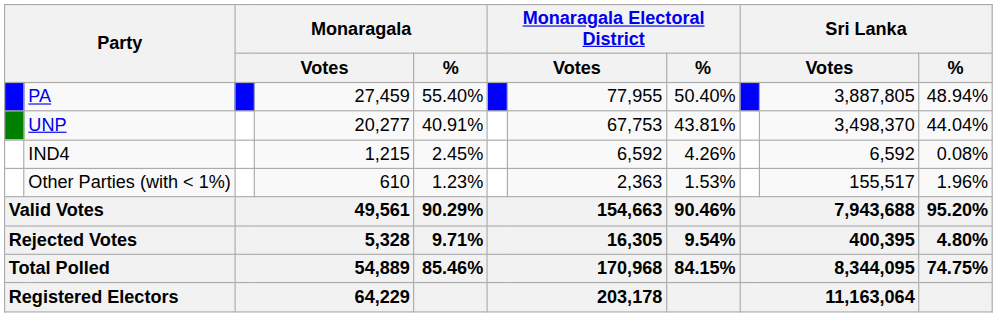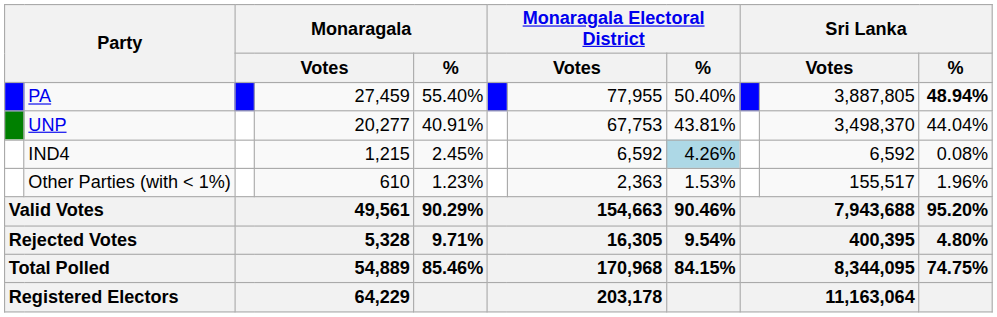 <table class="wikitable">
 <tr>
 <th colspan="2" width="144px"rowspan="2">Party</th>
 <th colspan="3" width="216px">Monaragala</th>
 <th colspan="3" width="216px"><a href='#'>Monaragala Electoral District</a></th>
 <th colspan="3" width="216px">Sri Lanka</th>
 </tr>
 <tr>
 <th colspan="2" width="144px">Votes</th>
 <th>%</th>
 <th colspan="2" width="144px">Votes</th>
 <th>%</th>
 <th colspan="2" width="144px">Votes</th>
 <th>%</th>
 </tr>
 <tr>
 <td style="background-color:blue;" width="10px"></td>
 <td style="text-align:left;"><a href='#'>PA</a></td>
 <td style="background-color:blue;" width="10px"></td>
 <td style="text-align:right;">27,459</td>
 <td style="text-align:right;">55.40%</td>
 <td style="background-color:blue;" width="10px"></td>
 <td style="text-align:right;">77,955</td>
 <td style="text-align:right;">50.40%</td>
 <td style="background-color:blue;" width="10px"></td>
 <td style="text-align:right;">3,887,805</td>
-<td style="text-align:right;">48.94%</td>
+<td style="text-align:right;"><strong>48.94%</strong></td>
 </tr>
 <tr>
 <td style="background-color:green;" width="10px"></td>
 <td style="text-align:left;"><a href='#'>UNP</a></td>
 <td style="background-color:white;" width="10px"></td>
 <td style="text-align:right;">20,277</td>
 <td style="text-align:right;">40.91%</td>
 <td style="background-color:white;" width="10px"></td>
 <td style="text-align:right;">67,753</td>
 <td style="text-align:right;">43.81%</td>
 <td style="background-color:white;" width="10px"></td>
 <td style="text-align:right;">3,498,370</td>
 <td style="text-align:right;">44.04%</td>
 </tr>
 <tr>
 <td style="background-color:white;" width="10px"></td>
 <td style="text-align:left;">IND4</td>
 <td style="background-color:white;" width="10px"></td>
 <td style="text-align:right;">1,215</td>
 <td style="text-align:right;">2.45%</td>
 <td style="background-color:white;" width="10px"></td>
 <td style="text-align:right;">6,592</td>
-<td style="text-align:right;">4.26%</td>
+<td style="background: lightblue; text-align:right;">4.26%</td>
 <td style="background-color:white;" width="10px"></td>
 <td style="text-align:right;">6,592</td>
 <td style="text-align:right;">0.08%</td>
 </tr>
 <tr>
 <td style="background-color:white;" width="10px"></td>
 <td style="text-align:left;">Other Parties (with < 1%)</td>
 <td style="background-color:white;" width="10px"></td>
 <td style="text-align:right;">610</td>
 <td style="text-align:right;">1.23%</td>
 <td style="background-color:white;" width="10px"></td>
 <td style="text-align:right;">2,363</td>
 <td style="text-align:right;">1.53%</td>
 <td style="background-color:white;" width="10px"></td>
 <td style="text-align:right;">155,517</td>
 <td style="text-align:right;">1.96%</td>
 </tr>
 <tr>
 <th colspan="2" width="144px"style="text-align:left;">Valid Votes</th>
 <th style="text-align:right;"colspan="2" width="144px">49,561</th>
 <th style="text-align:right;">90.29%</th>
 <th style="text-align:right;"colspan="2" width="144px">154,663</th>
 <th style="text-align:right;">90.46%</th>
 <th style="text-align:right;"colspan="2" width="144px">7,943,688</th>
 <th style="text-align:right;">95.20%</th>
 </tr>
 <tr>
 <th colspan="2" width="144px"style="text-align:left;">Rejected Votes</th>
 <th style="text-align:right;"colspan="2" width="144px">5,328</th>
 <th style="text-align:right;">9.71%</th>
 <th style="text-align:right;"colspan="2" width="144px">16,305</th>
 <th style="text-align:right;">9.54%</th>
 <th style="text-align:right;"colspan="2" width="144px">400,395</th>
 <th style="text-align:right;">4.80%</th>
 </tr>
 <tr>
 <th colspan="2" width="144px"style="text-align:left;">Total Polled</th>
 <th style="text-align:right;"colspan="2" width="144px">54,889</th>
 <th style="text-align:right;">85.46%</th>
 <th style="text-align:right;"colspan="2" width="144px">170,968</th>
 <th style="text-align:right;">84.15%</th>
 <th style="text-align:right;"colspan="2" width="144px">8,344,095</th>
 <th style="text-align:right;">74.75%</th>
 </tr>
 <tr>
 <th colspan="2" width="144px"style="text-align:left;">Registered Electors</th>
 <th style="text-align:right;"colspan="2" width="144px">64,229</th>
 <th></th>
 <th style="text-align:right;"colspan="2" width="144px">203,178</th>
 <th></th>
 <th style="text-align:right;"colspan="2" width="144px">11,163,064</th>
 <th></th>
 </tr>
 </table>
